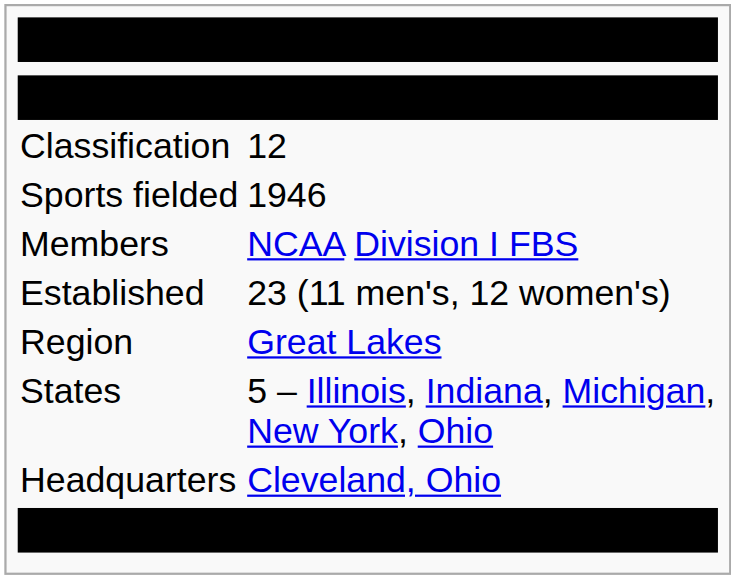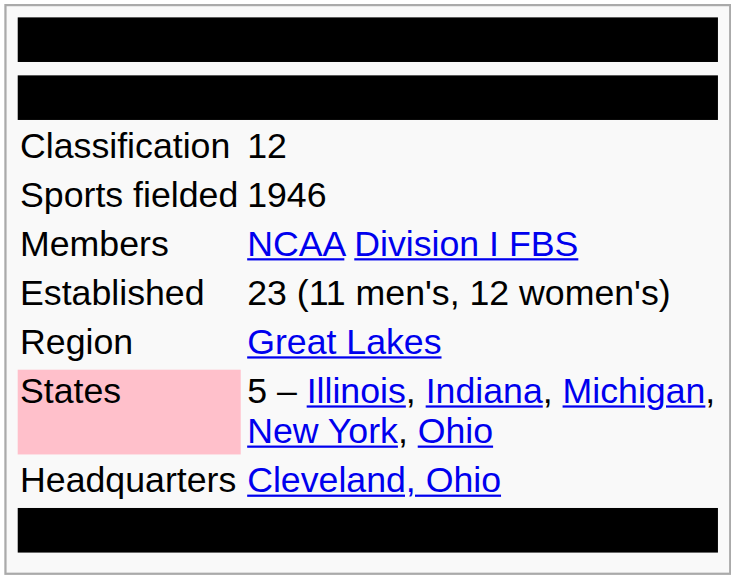 <table class="infobox">
 <tr>
 <th colspan="2" align=center bgcolor="#000000"><span><strong>Mid-American Conference</strong></span></th>
 </tr>
 <tr>
 <td colspan="2" align=center></td>
 </tr>
 <tr>
 <th colspan="2" align=center bgcolor="#000000"><span><strong>Data</strong></span></th>
 </tr>
 <tr>
 <td>Classification</td>
 <td>12</td>
 </tr>
 <tr>
 <td>Sports fielded</td>
 <td>1946</td>
 </tr>
 <tr>
 <td>Members</td>
 <td><a href='#'>NCAA</a> <a href='#'>Division I FBS</a></td>
 </tr>
 <tr>
 <td>Established</td>
 <td>23 (11 men's, 12 women's)</td>
 </tr>
 <tr>
 <td>Region</td>
 <td><a href='#'>Great Lakes</a></td>
 </tr>
 <tr>
-<td>States</td>
+<td style="background: pink;">States</td>
 <td>5 – <a href='#'>Illinois</a>, <a href='#'>Indiana</a>, <a href='#'>Michigan</a>, <br> <a href='#'>New York</a>, <a href='#'>Ohio</a></td>
 </tr>
 <tr>
 <td>Headquarters</td>
 <td><a href='#'>Cleveland, Ohio</a></td>
 </tr>
 <tr>
 <th colspan="2" align=center bgcolor="#000000"><span><strong>Locations</strong></span></th>
 </tr>
 <tr>
 <td colspan="2" align=center></td>
 </tr>
 </table>
